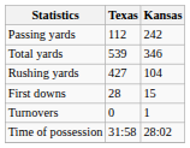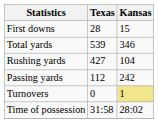 <table class="wikitable" style="float: left;">
 <tr>
 <th>Statistics</th>
 <th>Texas</th>
 <th>Kansas</th>
 </tr>
 <tr>
-<td>Passing yards</td>
-<td>112</td>
-<td>242</td>
+<td>First downs</td>
+<td>28</td>
+<td>15</td>
 </tr>
 <tr>
 <td>Total yards</td>
 <td>539</td>
 <td>346</td>
 </tr>
 <tr>
 <td>Rushing yards</td>
 <td>427</td>
 <td>104</td>
 </tr>
 <tr>
-<td>First downs</td>
-<td>28</td>
-<td>15</td>
+<td>Passing yards</td>
+<td>112</td>
+<td>242</td>
 </tr>
 <tr>
 <td>Turnovers</td>
 <td>0</td>
-<td>1</td>
+<td style="background: khaki;">1</td>
 </tr>
 <tr>
 <td>Time of possession</td>
 <td>31:58</td>
 <td>28:02</td>
 </tr>
 <tr>
 </tr>
 </table>
